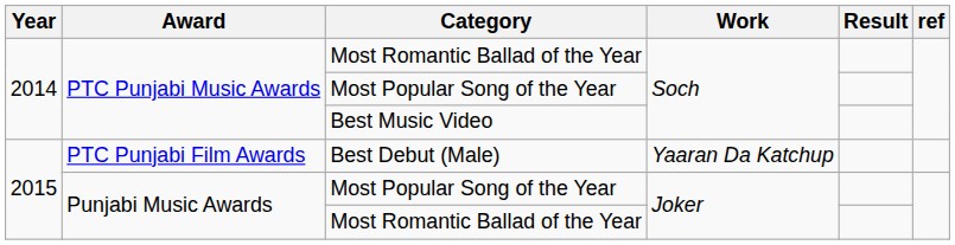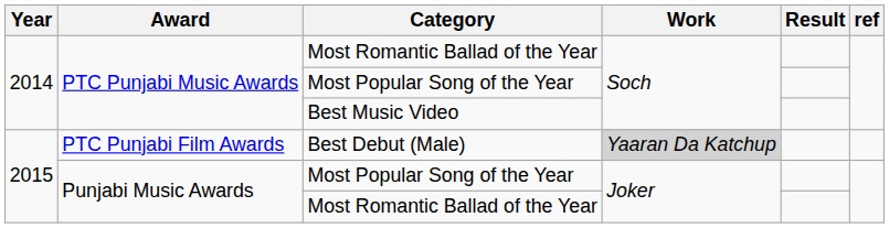 <table class="wikitable">
 <tr>
 <th>Year</th>
 <th>Award</th>
 <th>Category</th>
 <th>Work</th>
 <th>Result</th>
 <th>ref</th>
 </tr>
 <tr>
 <td rowspan=3>2014</td>
 <td rowspan="3"><a href='#'>PTC Punjabi Music Awards</a></td>
 <td>Most Romantic Ballad of the Year</td>
 <td rowspan=3><em>Soch</em></td>
 <td></td>
 <td rowspan=3></td>
 </tr>
 <tr>
 <td>Most Popular Song of the Year</td>
 <td></td>
 </tr>
 <tr>
 <td>Best Music Video</td>
 <td></td>
 </tr>
 <tr>
 <td rowspan=3>2015</td>
 <td><a href='#'>PTC Punjabi Film Awards</a></td>
 <td>Best Debut (Male)</td>
-<td><em>Yaaran Da Katchup</em></td>
+<td style="background: lightgrey;"><em>Yaaran Da Katchup</em></td>
 <td></td>
 <td></td>
 </tr>
 <tr>
 <td rowspan="2">Punjabi Music Awards</td>
 <td>Most Popular Song of the Year</td>
 <td rowspan=2><em>Joker</em></td>
 <td></td>
 <td rowspan=2></td>
 </tr>
 <tr>
 <td>Most Romantic Ballad of the Year</td>
 <td></td>
 </tr>
 </table>
